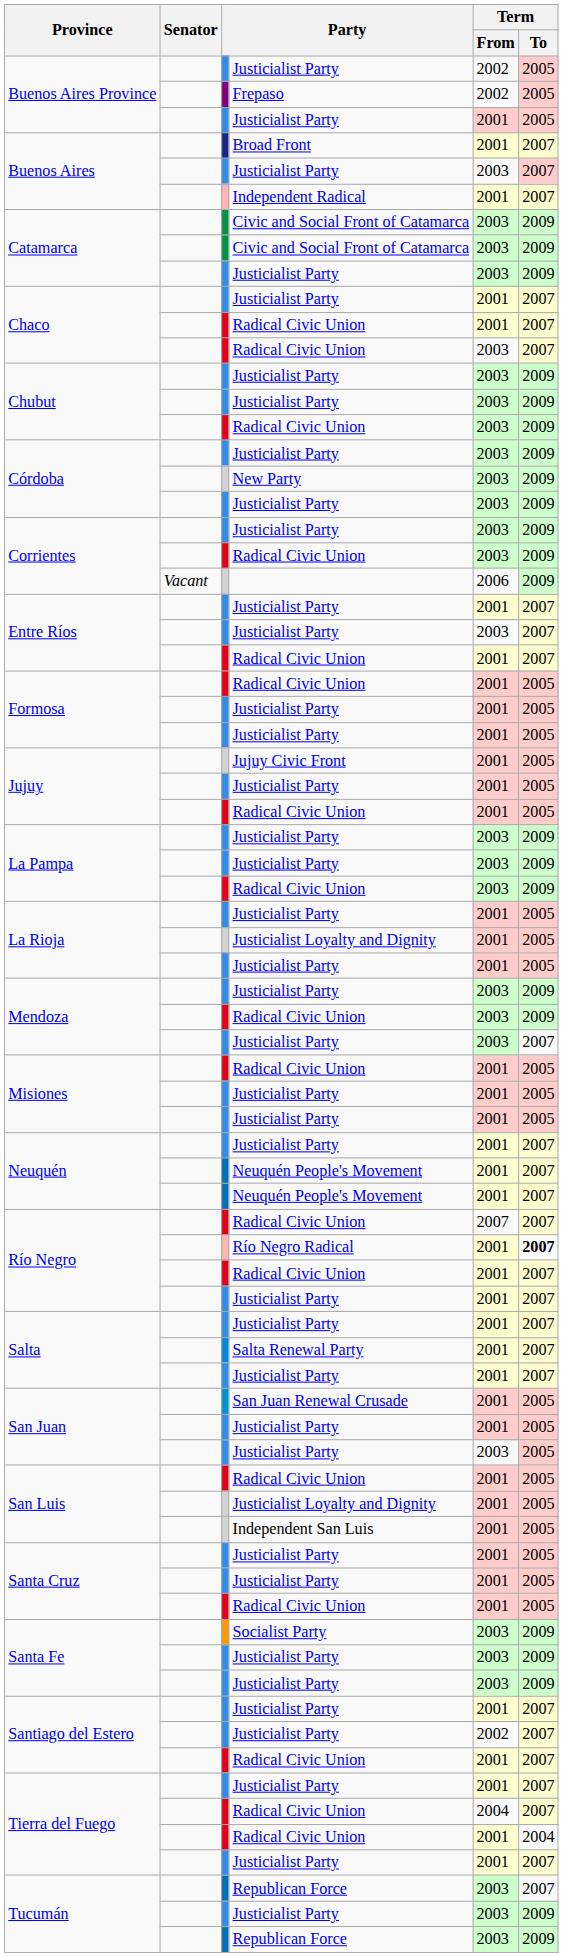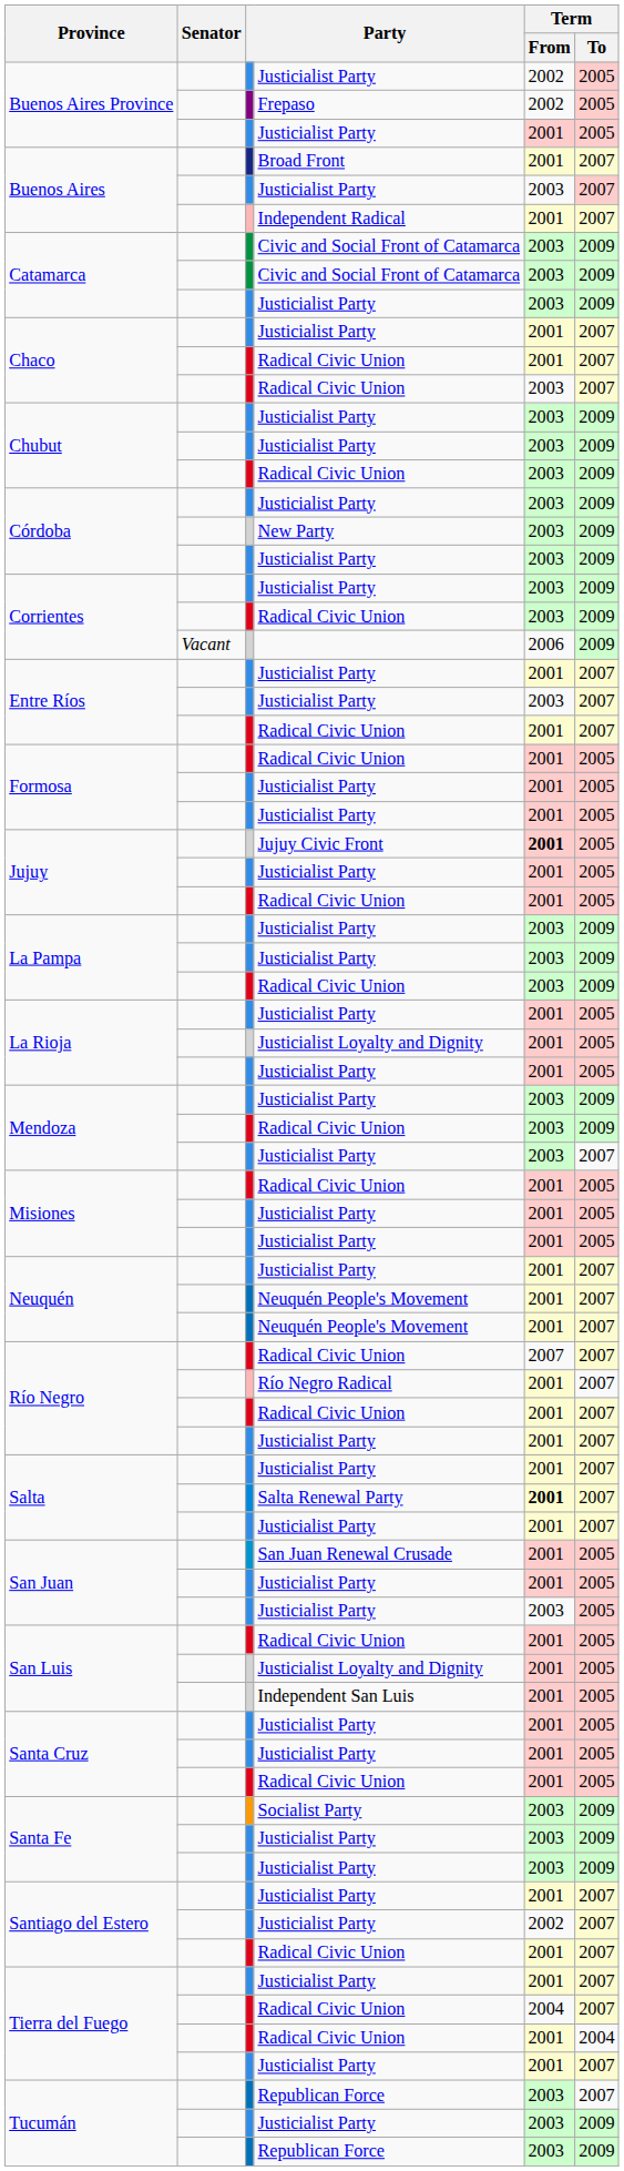 <table class="sortable wikitable">
 <tr>
 <th rowspan=2>Province</th>
 <th rowspan=2>Senator</th>
 <th colspan=2 rowspan=2>Party</th>
 <th colspan=2>Term</th>
 </tr>
 <tr>
 <th>From</th>
 <th>To</th>
 </tr>
 <tr>
 <td rowspan=3><a href='#'>Buenos Aires Province</a></td>
 <td></td>
 <td bgcolor=#318CE7></td>
 <td><a href='#'>Justicialist Party</a></td>
 <td>2002</td>
 <td bgcolor="#fcc">2005</td>
 </tr>
 <tr>
 <td></td>
 <td bgcolor=purple></td>
 <td><a href='#'>Frepaso</a></td>
 <td>2002</td>
 <td bgcolor="#fcc">2005</td>
 </tr>
 <tr>
 <td></td>
 <td bgcolor=#318CE7></td>
 <td><a href='#'>Justicialist Party</a></td>
 <td bgcolor="#fcc">2001</td>
 <td bgcolor="#fcc">2005</td>
 </tr>
 <tr>
 <td rowspan=3><a href='#'>Buenos Aires</a></td>
 <td></td>
 <td bgcolor=#172683></td>
 <td><a href='#'>Broad Front</a></td>
 <td bgcolor="#fcfccf">2001</td>
 <td bgcolor="#fcfccf">2007</td>
 </tr>
 <tr>
 <td></td>
 <td bgcolor=#318CE7></td>
 <td><a href='#'>Justicialist Party</a></td>
 <td>2003</td>
 <td bgcolor="#fcc">2007</td>
 </tr>
 <tr>
 <td></td>
 <td bgcolor=#FFB6B6></td>
 <td><a href='#'>Independent Radical</a></td>
 <td bgcolor="#fcfccf">2001</td>
 <td bgcolor="#fcfccf">2007</td>
 </tr>
 <tr>
 <td rowspan=3><a href='#'>Catamarca</a></td>
 <td></td>
 <td bgcolor=#009241></td>
 <td><a href='#'>Civic and Social Front of Catamarca</a></td>
 <td bgcolor=#cfc>2003</td>
 <td bgcolor=#cfc>2009</td>
 </tr>
 <tr>
 <td></td>
 <td bgcolor=#009241></td>
 <td><a href='#'>Civic and Social Front of Catamarca</a></td>
 <td bgcolor=#cfc>2003</td>
 <td bgcolor=#cfc>2009</td>
 </tr>
 <tr>
 <td></td>
 <td bgcolor=#318CE7></td>
 <td><a href='#'>Justicialist Party</a></td>
 <td bgcolor=#cfc>2003</td>
 <td bgcolor=#cfc>2009</td>
 </tr>
 <tr>
 <td rowspan=3><a href='#'>Chaco</a></td>
 <td></td>
 <td bgcolor=#318CE7></td>
 <td><a href='#'>Justicialist Party</a></td>
 <td bgcolor="#fcfccf">2001</td>
 <td bgcolor="#fcfccf">2007</td>
 </tr>
 <tr>
 <td></td>
 <td bgcolor=#E10019></td>
 <td><a href='#'>Radical Civic Union</a></td>
 <td bgcolor="#fcfccf">2001</td>
 <td bgcolor="#fcfccf">2007</td>
 </tr>
 <tr>
 <td></td>
 <td bgcolor=#E10019></td>
 <td><a href='#'>Radical Civic Union</a></td>
 <td>2003</td>
 <td bgcolor="#fcfccf">2007</td>
 </tr>
 <tr>
 <td rowspan=3><a href='#'>Chubut</a></td>
 <td></td>
 <td bgcolor=#318CE7></td>
 <td><a href='#'>Justicialist Party</a></td>
 <td bgcolor=#cfc>2003</td>
 <td bgcolor=#cfc>2009</td>
 </tr>
 <tr>
 <td></td>
 <td bgcolor=#318CE7></td>
 <td><a href='#'>Justicialist Party</a></td>
 <td bgcolor=#cfc>2003</td>
 <td bgcolor=#cfc>2009</td>
 </tr>
 <tr>
 <td></td>
 <td bgcolor=#E10019></td>
 <td><a href='#'>Radical Civic Union</a></td>
 <td bgcolor=#cfc>2003</td>
 <td bgcolor=#cfc>2009</td>
 </tr>
 <tr>
 <td rowspan=3><a href='#'>Córdoba</a></td>
 <td></td>
 <td bgcolor=#318CE7></td>
 <td><a href='#'>Justicialist Party</a></td>
 <td bgcolor=#cfc>2003</td>
 <td bgcolor=#cfc>2009</td>
 </tr>
 <tr>
 <td></td>
 <td bgcolor=#D3D3D3></td>
 <td><a href='#'>New Party</a></td>
 <td bgcolor=#cfc>2003</td>
 <td bgcolor=#cfc>2009</td>
 </tr>
 <tr>
 <td></td>
 <td bgcolor=#318CE7></td>
 <td><a href='#'>Justicialist Party</a></td>
 <td bgcolor=#cfc>2003</td>
 <td bgcolor=#cfc>2009</td>
 </tr>
 <tr>
 <td rowspan=3><a href='#'>Corrientes</a></td>
 <td></td>
 <td bgcolor=#318CE7></td>
 <td><a href='#'>Justicialist Party</a></td>
 <td bgcolor=#cfc>2003</td>
 <td bgcolor=#cfc>2009</td>
 </tr>
 <tr>
 <td></td>
 <td bgcolor=#E10019></td>
 <td><a href='#'>Radical Civic Union</a></td>
 <td bgcolor=#cfc>2003</td>
 <td bgcolor=#cfc>2009</td>
 </tr>
 <tr>
 <td><em>Vacant</em></td>
 <td bgcolor=#D3D3D3></td>
 <td></td>
 <td>2006</td>
 <td bgcolor=#cfc>2009</td>
 </tr>
 <tr>
 <td rowspan=3><a href='#'>Entre Ríos</a></td>
 <td></td>
 <td bgcolor=#318CE7></td>
 <td><a href='#'>Justicialist Party</a></td>
 <td bgcolor="#fcfccf">2001</td>
 <td bgcolor="#fcfccf">2007</td>
 </tr>
 <tr>
 <td></td>
 <td bgcolor=#318CE7></td>
 <td><a href='#'>Justicialist Party</a></td>
 <td>2003</td>
 <td bgcolor="#fcfccf">2007</td>
 </tr>
 <tr>
 <td></td>
 <td bgcolor=#E10019></td>
 <td><a href='#'>Radical Civic Union</a></td>
 <td bgcolor="#fcfccf">2001</td>
 <td bgcolor="#fcfccf">2007</td>
 </tr>
 <tr>
 <td rowspan=3><a href='#'>Formosa</a></td>
 <td></td>
 <td bgcolor=#E10019></td>
 <td><a href='#'>Radical Civic Union</a></td>
 <td bgcolor="#fcc">2001</td>
 <td bgcolor="#fcc">2005</td>
 </tr>
 <tr>
 <td></td>
 <td bgcolor=#318CE7></td>
 <td><a href='#'>Justicialist Party</a></td>
 <td bgcolor="#fcc">2001</td>
 <td bgcolor="#fcc">2005</td>
 </tr>
 <tr>
 <td></td>
 <td bgcolor=#318CE7></td>
 <td><a href='#'>Justicialist Party</a></td>
 <td bgcolor="#fcc">2001</td>
 <td bgcolor="#fcc">2005</td>
 </tr>
 <tr>
 <td rowspan=3><a href='#'>Jujuy</a></td>
 <td></td>
 <td bgcolor=#D3D3D3></td>
 <td><a href='#'>Jujuy Civic Front</a></td>
-<td bgcolor="#fcc">2001</td>
+<td bgcolor="#fcc"><strong>2001</strong></td>
 <td bgcolor="#fcc">2005</td>
 </tr>
 <tr>
 <td></td>
 <td bgcolor=#318CE7></td>
 <td><a href='#'>Justicialist Party</a></td>
 <td bgcolor="#fcc">2001</td>
 <td bgcolor="#fcc">2005</td>
 </tr>
 <tr>
 <td></td>
 <td bgcolor=#E10019></td>
 <td><a href='#'>Radical Civic Union</a></td>
 <td bgcolor="#fcc">2001</td>
 <td bgcolor="#fcc">2005</td>
 </tr>
 <tr>
 <td rowspan=3><a href='#'>La Pampa</a></td>
 <td></td>
 <td bgcolor=#318CE7></td>
 <td><a href='#'>Justicialist Party</a></td>
 <td bgcolor=#cfc>2003</td>
 <td bgcolor=#cfc>2009</td>
 </tr>
 <tr>
 <td></td>
 <td bgcolor=#318CE7></td>
 <td><a href='#'>Justicialist Party</a></td>
 <td bgcolor=#cfc>2003</td>
 <td bgcolor=#cfc>2009</td>
 </tr>
 <tr>
 <td></td>
 <td bgcolor=#E10019></td>
 <td><a href='#'>Radical Civic Union</a></td>
 <td bgcolor=#cfc>2003</td>
 <td bgcolor=#cfc>2009</td>
 </tr>
 <tr>
 <td rowspan=3><a href='#'>La Rioja</a></td>
 <td></td>
 <td bgcolor=#318CE7></td>
 <td><a href='#'>Justicialist Party</a></td>
 <td bgcolor="#fcc">2001</td>
 <td bgcolor="#fcc">2005</td>
 </tr>
 <tr>
 <td></td>
 <td bgcolor=#D3D3D3></td>
 <td><a href='#'>Justicialist Loyalty and Dignity</a></td>
 <td bgcolor="#fcc">2001</td>
 <td bgcolor="#fcc">2005</td>
 </tr>
 <tr>
 <td></td>
 <td bgcolor=#318CE7></td>
 <td><a href='#'>Justicialist Party</a></td>
 <td bgcolor="#fcc">2001</td>
 <td bgcolor="#fcc">2005</td>
 </tr>
 <tr>
 <td rowspan=3><a href='#'>Mendoza</a></td>
 <td></td>
 <td bgcolor=#318CE7></td>
 <td><a href='#'>Justicialist Party</a></td>
 <td bgcolor=#cfc>2003</td>
 <td bgcolor=#cfc>2009</td>
 </tr>
 <tr>
 <td></td>
 <td bgcolor=#E10019></td>
 <td><a href='#'>Radical Civic Union</a></td>
 <td bgcolor=#cfc>2003</td>
 <td bgcolor=#cfc>2009</td>
 </tr>
 <tr>
 <td></td>
 <td bgcolor=#318CE7></td>
 <td><a href='#'>Justicialist Party</a></td>
 <td bgcolor=#cfc>2003</td>
 <td>2007</td>
 </tr>
 <tr>
 <td rowspan=3><a href='#'>Misiones</a></td>
 <td></td>
 <td bgcolor=#E10019></td>
 <td><a href='#'>Radical Civic Union</a></td>
 <td bgcolor="#fcc">2001</td>
 <td bgcolor="#fcc">2005</td>
 </tr>
 <tr>
 <td></td>
 <td bgcolor=#318CE7></td>
 <td><a href='#'>Justicialist Party</a></td>
 <td bgcolor="#fcc">2001</td>
 <td bgcolor="#fcc">2005</td>
 </tr>
 <tr>
 <td></td>
 <td bgcolor=#318CE7></td>
 <td><a href='#'>Justicialist Party</a></td>
 <td bgcolor="#fcc">2001</td>
 <td bgcolor="#fcc">2005</td>
 </tr>
 <tr>
 <td rowspan=3><a href='#'>Neuquén</a></td>
 <td></td>
 <td bgcolor=#318CE7></td>
 <td><a href='#'>Justicialist Party</a></td>
 <td bgcolor="#fcfccf">2001</td>
 <td bgcolor="#fcfccf">2007</td>
 </tr>
 <tr>
 <td></td>
 <td bgcolor=#0070b8></td>
 <td><a href='#'>Neuquén People's Movement</a></td>
 <td bgcolor="#fcfccf">2001</td>
 <td bgcolor="#fcfccf">2007</td>
 </tr>
 <tr>
 <td></td>
 <td bgcolor=#0070b8></td>
 <td><a href='#'>Neuquén People's Movement</a></td>
 <td bgcolor="#fcfccf">2001</td>
 <td bgcolor="#fcfccf">2007</td>
 </tr>
 <tr>
 <td rowspan=4><a href='#'>Río Negro</a></td>
 <td></td>
 <td bgcolor=#E10019></td>
 <td><a href='#'>Radical Civic Union</a></td>
 <td>2007</td>
 <td bgcolor="#fcfccf">2007</td>
 </tr>
 <tr>
 <td></td>
 <td bgcolor=#FFB6B6></td>
 <td><a href='#'>Río Negro Radical</a></td>
 <td bgcolor="#fcfccf">2001</td>
-<td><strong>2007</strong></td>
+<td>2007</td>
 </tr>
 <tr>
 <td></td>
 <td bgcolor=#E10019></td>
 <td><a href='#'>Radical Civic Union</a></td>
 <td bgcolor="#fcfccf">2001</td>
 <td bgcolor="#fcfccf">2007</td>
 </tr>
 <tr>
 <td></td>
 <td bgcolor=#318CE7></td>
 <td><a href='#'>Justicialist Party</a></td>
 <td bgcolor="#fcfccf">2001</td>
 <td bgcolor="#fcfccf">2007</td>
 </tr>
 <tr>
 <td rowspan=3><a href='#'>Salta</a></td>
 <td></td>
 <td bgcolor=#318CE7></td>
 <td><a href='#'>Justicialist Party</a></td>
 <td bgcolor="#fcfccf">2001</td>
 <td bgcolor="#fcfccf">2007</td>
 </tr>
 <tr>
 <td></td>
 <td bgcolor=#0087DC></td>
 <td><a href='#'>Salta Renewal Party</a></td>
-<td bgcolor="#fcfccf">2001</td>
+<td bgcolor="#fcfccf"><strong>2001</strong></td>
 <td bgcolor="#fcfccf">2007</td>
 </tr>
 <tr>
 <td></td>
 <td bgcolor=#318CE7></td>
 <td><a href='#'>Justicialist Party</a></td>
 <td bgcolor="#fcfccf">2001</td>
 <td bgcolor="#fcfccf">2007</td>
 </tr>
 <tr>
 <td rowspan=3><a href='#'>San Juan</a></td>
 <td></td>
 <td bgcolor=#0094cf></td>
 <td><a href='#'>San Juan Renewal Crusade</a></td>
 <td bgcolor="#fcc">2001</td>
 <td bgcolor="#fcc">2005</td>
 </tr>
 <tr>
 <td></td>
 <td bgcolor=#318CE7></td>
 <td><a href='#'>Justicialist Party</a></td>
 <td bgcolor="#fcc">2001</td>
 <td bgcolor="#fcc">2005</td>
 </tr>
 <tr>
 <td></td>
 <td bgcolor=#318CE7></td>
 <td><a href='#'>Justicialist Party</a></td>
 <td>2003</td>
 <td bgcolor="#fcc">2005</td>
 </tr>
 <tr>
 <td rowspan=3><a href='#'>San Luis</a></td>
 <td></td>
 <td bgcolor=#E10019></td>
 <td><a href='#'>Radical Civic Union</a></td>
 <td bgcolor="#fcc">2001</td>
 <td bgcolor="#fcc">2005</td>
 </tr>
 <tr>
 <td></td>
 <td bgcolor=#D3D3D3></td>
 <td><a href='#'>Justicialist Loyalty and Dignity</a></td>
 <td bgcolor="#fcc">2001</td>
 <td bgcolor="#fcc">2005</td>
 </tr>
 <tr>
 <td></td>
 <td bgcolor=#D3D3D3></td>
 <td>Independent San Luis</td>
 <td bgcolor="#fcc">2001</td>
 <td bgcolor="#fcc">2005</td>
 </tr>
 <tr>
 <td rowspan=3><a href='#'>Santa Cruz</a></td>
 <td></td>
 <td bgcolor=#318CE7></td>
 <td><a href='#'>Justicialist Party</a></td>
 <td bgcolor="#fcc">2001</td>
 <td bgcolor="#fcc">2005</td>
 </tr>
 <tr>
 <td></td>
 <td bgcolor=#318CE7></td>
 <td><a href='#'>Justicialist Party</a></td>
 <td bgcolor="#fcc">2001</td>
 <td bgcolor="#fcc">2005</td>
 </tr>
 <tr>
 <td></td>
 <td bgcolor=#E10019></td>
 <td><a href='#'>Radical Civic Union</a></td>
 <td bgcolor="#fcc">2001</td>
 <td bgcolor="#fcc">2005</td>
 </tr>
 <tr>
 <td rowspan=3><a href='#'>Santa Fe</a></td>
 <td></td>
 <td bgcolor=#FF9900></td>
 <td><a href='#'>Socialist Party</a></td>
 <td bgcolor=#cfc>2003</td>
 <td bgcolor=#cfc>2009</td>
 </tr>
 <tr>
 <td></td>
 <td bgcolor=#318CE7></td>
 <td><a href='#'>Justicialist Party</a></td>
 <td bgcolor=#cfc>2003</td>
 <td bgcolor=#cfc>2009</td>
 </tr>
 <tr>
 <td></td>
 <td bgcolor=#318CE7></td>
 <td><a href='#'>Justicialist Party</a></td>
 <td bgcolor=#cfc>2003</td>
 <td bgcolor=#cfc>2009</td>
 </tr>
 <tr>
 <td rowspan=3><a href='#'>Santiago del Estero</a></td>
 <td></td>
 <td bgcolor=#318CE7></td>
 <td><a href='#'>Justicialist Party</a></td>
 <td bgcolor="#fcfccf">2001</td>
 <td bgcolor="#fcfccf">2007</td>
 </tr>
 <tr>
 <td></td>
 <td bgcolor=#318CE7></td>
 <td><a href='#'>Justicialist Party</a></td>
 <td>2002</td>
 <td bgcolor="#fcfccf">2007</td>
 </tr>
 <tr>
 <td></td>
 <td bgcolor=#E10019></td>
 <td><a href='#'>Radical Civic Union</a></td>
 <td bgcolor="#fcfccf">2001</td>
 <td bgcolor="#fcfccf">2007</td>
 </tr>
 <tr>
 <td rowspan=4><a href='#'>Tierra del Fuego</a></td>
 <td></td>
 <td bgcolor=#318CE7></td>
 <td><a href='#'>Justicialist Party</a></td>
 <td bgcolor="#fcfccf">2001</td>
 <td bgcolor="#fcfccf">2007</td>
 </tr>
 <tr>
 <td></td>
 <td bgcolor=#E10019></td>
 <td><a href='#'>Radical Civic Union</a></td>
 <td>2004</td>
 <td bgcolor="#fcfccf">2007</td>
 </tr>
 <tr>
 <td></td>
 <td bgcolor=#E10019></td>
 <td><a href='#'>Radical Civic Union</a></td>
 <td bgcolor="#fcfccf">2001</td>
 <td>2004</td>
 </tr>
 <tr>
 <td></td>
 <td bgcolor=#318CE7></td>
 <td><a href='#'>Justicialist Party</a></td>
 <td bgcolor="#fcfccf">2001</td>
 <td bgcolor="#fcfccf">2007</td>
 </tr>
 <tr>
 <td rowspan=3><a href='#'>Tucumán</a></td>
 <td></td>
 <td bgcolor=#0070B8></td>
 <td><a href='#'>Republican Force</a></td>
 <td bgcolor=#cfc>2003</td>
 <td>2007</td>
 </tr>
 <tr>
 <td></td>
 <td bgcolor=#318CE7></td>
 <td><a href='#'>Justicialist Party</a></td>
 <td bgcolor=#cfc>2003</td>
 <td bgcolor=#cfc>2009</td>
 </tr>
 <tr>
 <td></td>
 <td bgcolor=#0070B8></td>
 <td><a href='#'>Republican Force</a></td>
 <td bgcolor=#cfc>2003</td>
 <td bgcolor=#cfc>2009</td>
 </tr>
 <tr>
 </tr>
 </table>
